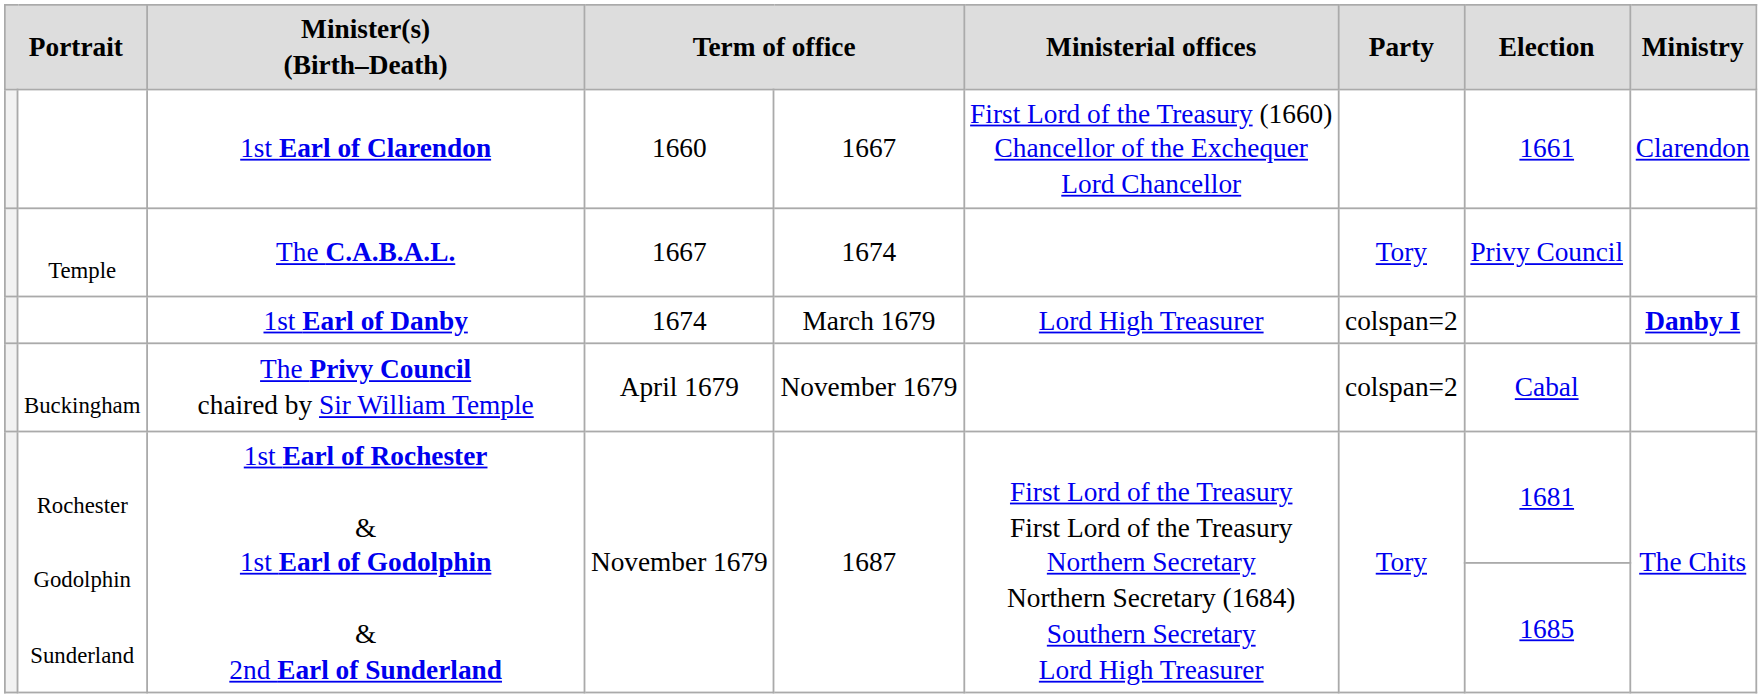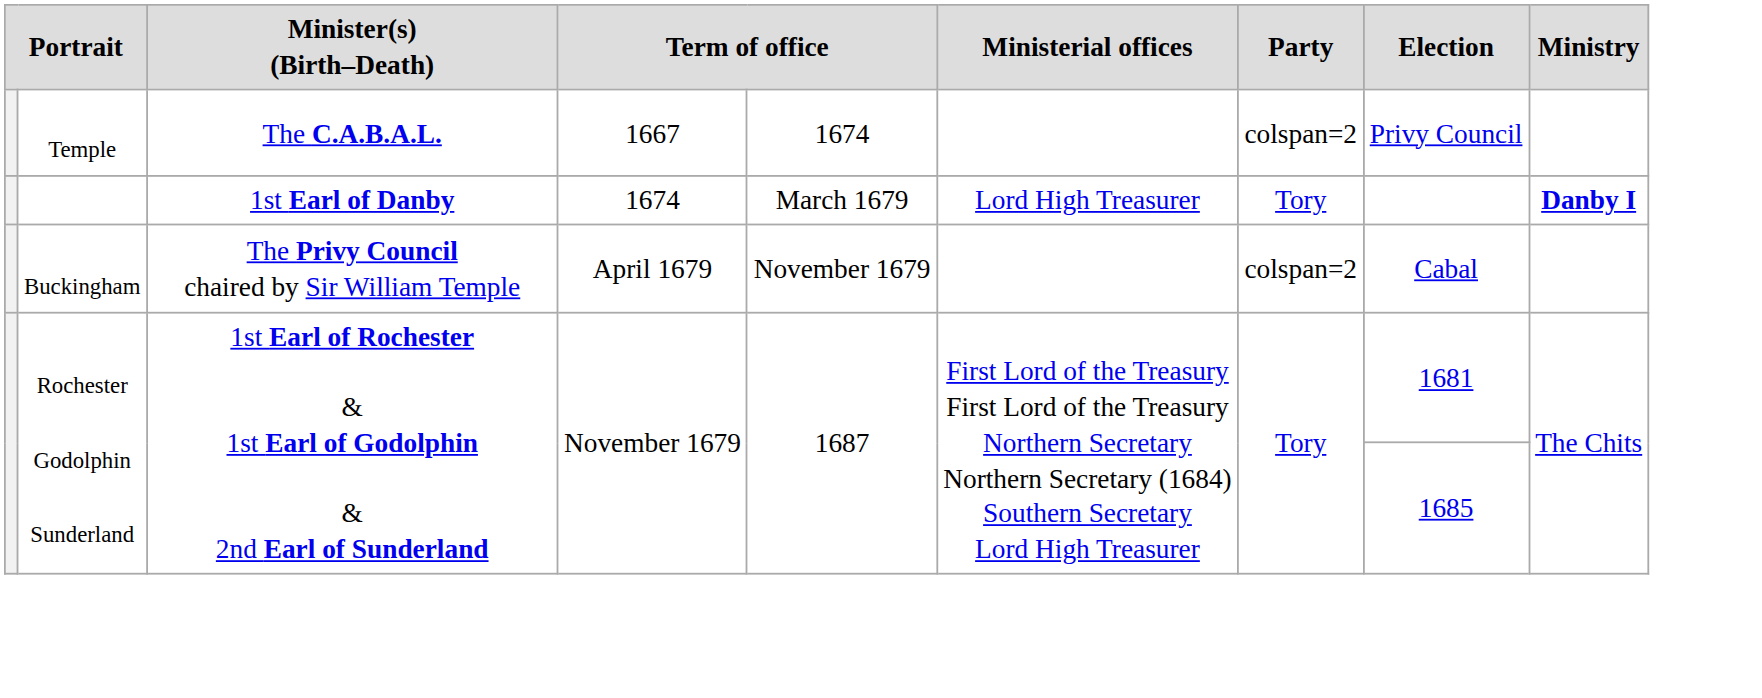 <table class="wikitable" style="background:white; text-align:center; font-size:95%; line-height:130%">
 <tr>
 <th style="background:#ddd" colspan=2>Portrait</th>
 <th style="background:#ddd" width=25%>Minister(s)<br>(Birth–Death)</th>
 <th style="background:#ddd" colspan=2>Term of office</th>
 <th style="background:#ddd">Ministerial offices</th>
 <th style="background:#ddd">Party</th>
 <th style="background:#ddd">Election</th>
 <th style="background:#ddd">Ministry</th>
 </tr>
 <tr>
 <th></th>
-<td></td>
-<td><a href='#'>1st <strong>Earl of Clarendon</strong></a><br></td>
-<td>1660</td>
-<td>1667</td>
-<td><a href='#'>First Lord of the Treasury</a> (1660)<br><a href='#'>Chancellor of the Exchequer</a> <br><a href='#'>Lord Chancellor</a></td>
-<td></td>
-<td><a href='#'>1661</a></td>
-<td><a href='#'>Clarendon</a></td>
-</tr>
-<tr>
-<th></th>
 <td><br><small>Temple</small></td>
 <td><a href='#'>The <strong>C.A.B.A.L.</strong></a></td>
 <td>1667</td>
 <td>1674</td>
 <td></td>
-<td><a href='#'>Tory</a></td>
+<td>colspan=2 </td>
 <td><a href='#'>Privy Council</a></td>
 </tr>
 <tr>
 <th style="background-color: "></th>
 <td></td>
 <td><a href='#'>1st <strong>Earl of Danby</strong></a><br></td>
 <td>1674</td>
 <td>March 1679</td>
 <td><a href='#'>Lord High Treasurer</a></td>
-<td>colspan=2 </td>
+<td><a href='#'>Tory</a></td>
 <td></td>
 <td><strong><a href='#'>Danby I</a></strong></td>
 </tr>
 <tr>
 <th></th>
 <td><br><small>Buckingham</small></td>
 <td><a href='#'>The <strong>Privy Council</strong></a><br>chaired by <a href='#'>Sir William Temple</a> </td>
 <td>April 1679</td>
 <td>November 1679</td>
 <td></td>
 <td>colspan=2 </td>
 <td><a href='#'>Cabal</a></td>
 </tr>
 <tr>
 <th rowspan=2 style="background-color: "></th>
 <td rowspan=2><br><small>Rochester</small><br><br><small>Godolphin</small><br><br><small>Sunderland</small></td>
 <td rowspan=2><a href='#'>1st <strong>Earl of Rochester</strong></a><br><br>&<br><a href='#'>1st <strong>Earl of Godolphin</strong></a><br><br>&<br><a href='#'>2nd <strong>Earl of Sunderland</strong></a><br></td>
 <td rowspan=2>November 1679</td>
 <td rowspan=2>1687</td>
 <td rowspan=2><br><a href='#'>First Lord of the Treasury</a> <br>First Lord of the Treasury <br><a href='#'>Northern Secretary</a> <br>Northern Secretary (1684)<br><a href='#'>Southern Secretary</a> <br><a href='#'>Lord High Treasurer</a> </td>
 <td rowspan=2 ><a href='#'>Tory</a></td>
 <td><a href='#'>1681</a></td>
 <td rowspan=2 ><a href='#'>The Chits</a></td>
 </tr>
 <tr>
 <td><a href='#'>1685</a></td>
 </tr>
 </table>
